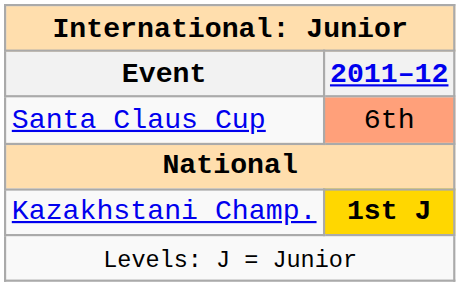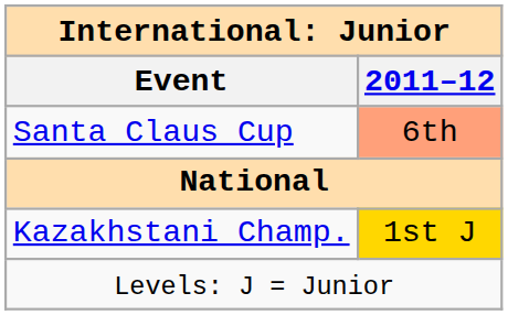 <table class="wikitable" style="text-align:center">
 <tr>
 <th colspan=3 style="background-color: #ffdead;" align=center>International: Junior</th>
 </tr>
 <tr>
 <th>Event</th>
 <th><a href='#'>2011–12</a></th>
 </tr>
 <tr>
 <td align=left><a href='#'>Santa Claus Cup</a></td>
 <td style="background: lightsalmon;">6th</td>
 </tr>
 <tr>
 <th colspan=3 style="background-color: #ffdead;" align=center>National</th>
 </tr>
 <tr>
 <td align=left><a href='#'>Kazakhstani Champ.</a></td>
-<td bgcolor=gold><strong>1st J</strong></td>
+<td bgcolor=gold>1st J</td>
 </tr>
 <tr>
 <td colspan=3 align=center><small> Levels: J = Junior </small></td>
 </tr>
 </table>
